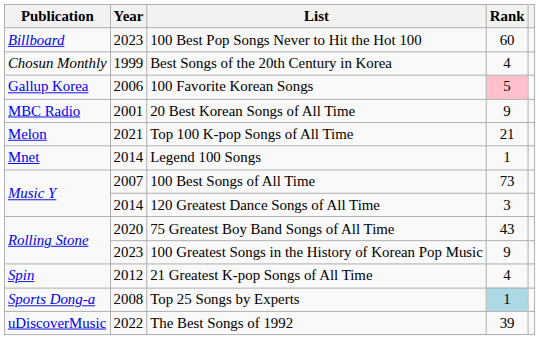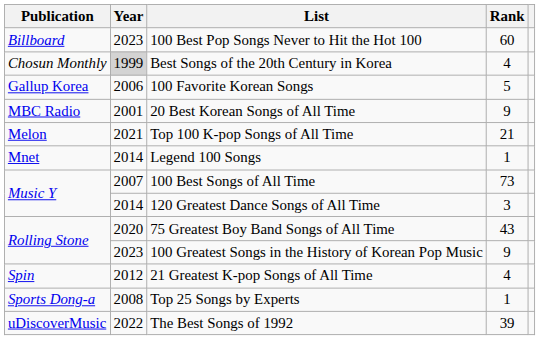 <table class="sortable wikitable">
 <tr>
 <th>Publication</th>
 <th>Year</th>
 <th>List</th>
 <th>Rank</th>
 <th class="unsortable"></th>
 </tr>
 <tr>
 <td><em><a href='#'>Billboard</a></em></td>
 <td align="center">2023</td>
 <td>100 Best Pop Songs Never to Hit the Hot 100</td>
 <td align="center">60</td>
 <td align="center"></td>
 </tr>
 <tr>
 <td><em>Chosun Monthly</em></td>
-<td align="center">1999</td>
+<td align="center" style="background: lightgrey;">1999</td>
 <td>Best Songs of the 20th Century in Korea</td>
 <td align="center">4</td>
 <td align="center"></td>
 </tr>
 <tr>
 <td><a href='#'>Gallup Korea</a></td>
 <td align="center">2006</td>
 <td>100 Favorite Korean Songs</td>
-<td align="center" style="background: pink;">5</td>
+<td align="center">5</td>
 <td align="center"></td>
 </tr>
 <tr>
 <td><a href='#'>MBC Radio</a></td>
 <td align="center">2001</td>
 <td>20 Best Korean Songs of All Time</td>
 <td align="center">9</td>
 <td align="center"></td>
 </tr>
 <tr>
 <td><a href='#'>Melon</a></td>
 <td align="center">2021</td>
 <td>Top 100 K-pop Songs of All Time</td>
 <td align="center">21</td>
 <td align="center"></td>
 </tr>
 <tr>
 <td><a href='#'>Mnet</a></td>
 <td style="text-align:center">2014</td>
 <td>Legend 100 Songs</td>
 <td align="center">1</td>
 <td align="center"></td>
 </tr>
 <tr>
 <td rowspan="2"><em><a href='#'>Music Y</a></em></td>
 <td style="text-align:center">2007</td>
 <td>100 Best Songs of All Time</td>
 <td style="text-align:center">73</td>
 <td style="text-align:center"></td>
 </tr>
 <tr>
 <td style="text-align:center">2014</td>
 <td>120 Greatest Dance Songs of All Time</td>
 <td align="center">3</td>
 <td align="center"></td>
 </tr>
 <tr>
 <td rowspan="2"><em><a href='#'>Rolling Stone</a></em></td>
 <td align="center">2020</td>
 <td>75 Greatest Boy Band Songs of All Time</td>
 <td align="center">43</td>
 <td align="center"></td>
 </tr>
 <tr>
 <td align="center">2023</td>
 <td>100 Greatest Songs in the History of Korean Pop Music</td>
 <td align="center">9</td>
 <td align="center"></td>
 </tr>
 <tr>
 <td><em><a href='#'>Spin</a></em></td>
 <td align="center">2012</td>
 <td>21 Greatest K-pop Songs of All Time</td>
 <td align="center">4</td>
 <td align="center"></td>
 </tr>
 <tr>
 <td><em><a href='#'>Sports Dong-a</a></em></td>
 <td align="center">2008</td>
 <td>Top 25 Songs by Experts</td>
-<td align="center" style="background: lightblue;">1</td>
+<td align="center">1</td>
 <td align="center"></td>
 </tr>
 <tr>
 <td><a href='#'>uDiscoverMusic</a></td>
 <td align="center">2022</td>
 <td>The Best Songs of 1992</td>
 <td align="center">39</td>
 <td align="center"></td>
 </tr>
 </table>
